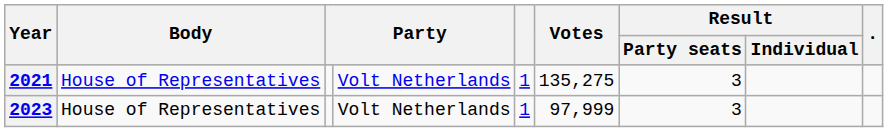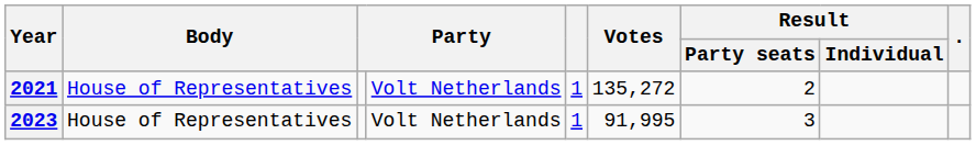 <table class="wikitable plainrowheaders sortable" border=2 cellpadding=4 cellspacing=0 style="border: 1px #aaa solid; font-size: 90%; text-align:center;">
 <tr>
 <th scope="col" rowspan=2>Year</th>
 <th scope="col" rowspan=2>Body</th>
 <th scope="col" colspan=2 rowspan=2>Party</th>
 <th scope="col" rowspan=2></th>
 <th scope="col" rowspan=2>Votes</th>
 <th scope="colgroup" colspan=2>Result</th>
 <th scope="col" rowspan=2 class="unsortable">.</th>
 </tr>
 <tr>
 <th scope="col">Party seats</th>
 <th scope="col">Individual</th>
 </tr>
 <tr>
 <th scope="row"><a href='#'>2021</a></th>
 <td><a href='#'>House of Representatives</a></td>
 <td style="background-color:"></td>
 <td><a href='#'>Volt Netherlands</a></td>
 <td style=text-align:right><a href='#'>1</a></td>
-<td style=text-align:right>135,275</td>
-<td style=text-align:right>3</td>
+<td style=text-align:right>135,272</td>
+<td style=text-align:right>2</td>
 <td></td>
 <td></td>
 </tr>
 <tr>
 <th scope="row"><a href='#'>2023</a></th>
 <td>House of Representatives</td>
 <td style="background-color:"></td>
 <td>Volt Netherlands</td>
 <td style=text-align:right><a href='#'>1</a></td>
-<td style=text-align:right>97,999</td>
+<td style=text-align:right>91,995</td>
 <td style=text-align:right>3</td>
 <td></td>
 <td></td>
 </tr>
 </table>
